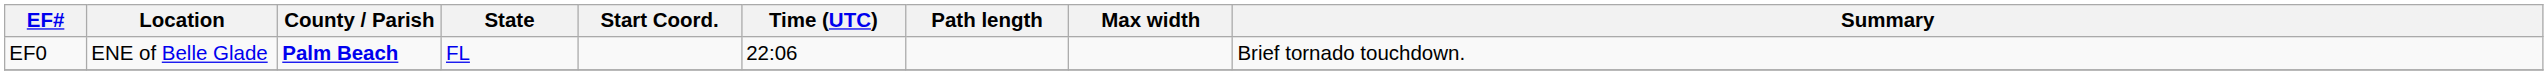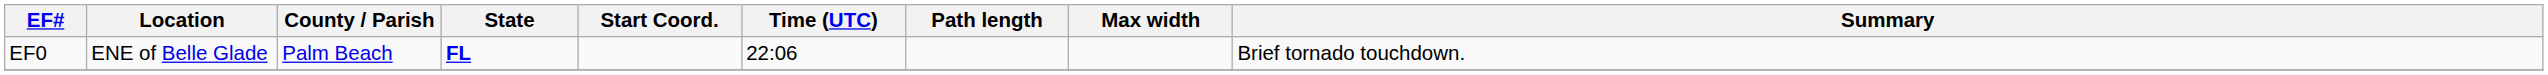 <table class="wikitable sortable" style="width:100%;">
 <tr>
 <th scope="col" width="3%" align="center"><a href='#'>EF#</a></th>
 <th scope="col" width="7%" align="center" class="unsortable">Location</th>
 <th scope="col" width="6%" align="center" class="unsortable">County / Parish</th>
 <th scope="col" width="5%" align="center">State</th>
 <th scope="col" width="6%" align="center">Start Coord.</th>
 <th scope="col" width="6%" align="center">Time (<a href='#'>UTC</a>)</th>
 <th scope="col" width="6%" align="center">Path length</th>
 <th scope="col" width="6%" align="center">Max width</th>
 <th scope="col" width="48%" class="unsortable" align="center">Summary</th>
 </tr>
 <tr>
 <td>EF0</td>
 <td>ENE of <a href='#'>Belle Glade</a></td>
-<td><strong><a href='#'>Palm Beach</a></strong></td>
-<td><a href='#'>FL</a></td>
+<td><a href='#'>Palm Beach</a></td>
+<td><strong><a href='#'>FL</a></strong></td>
 <td></td>
 <td>22:06</td>
 <td></td>
 <td></td>
 <td>Brief tornado touchdown.</td>
 </tr>
 <tr>
 </tr>
 </table>
